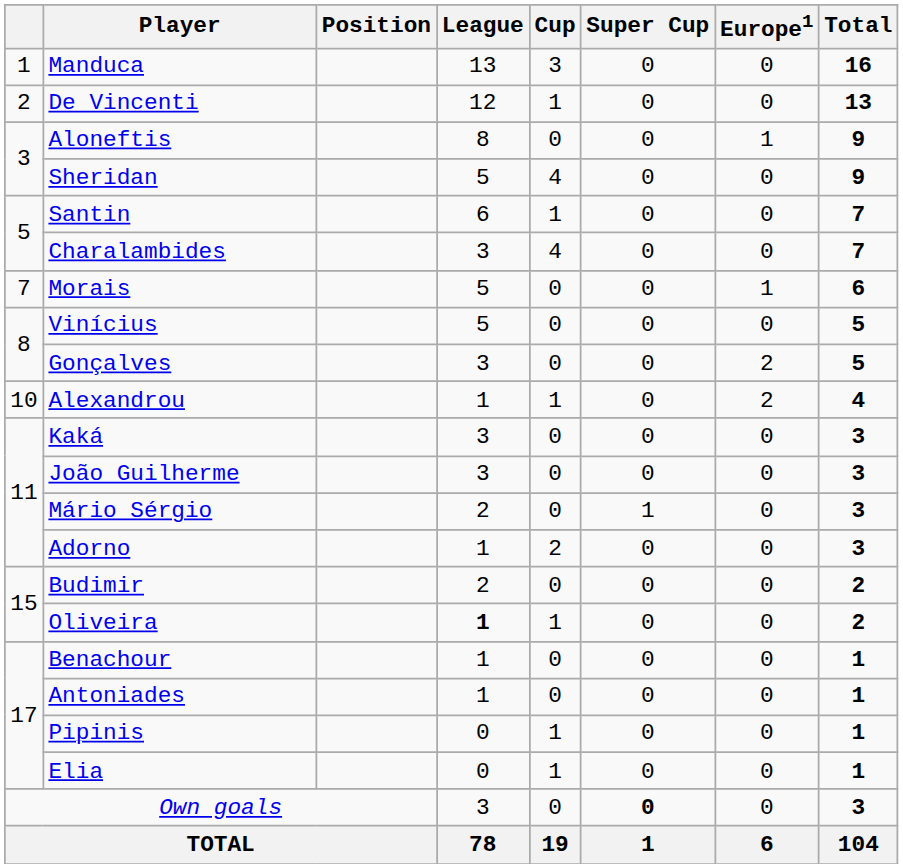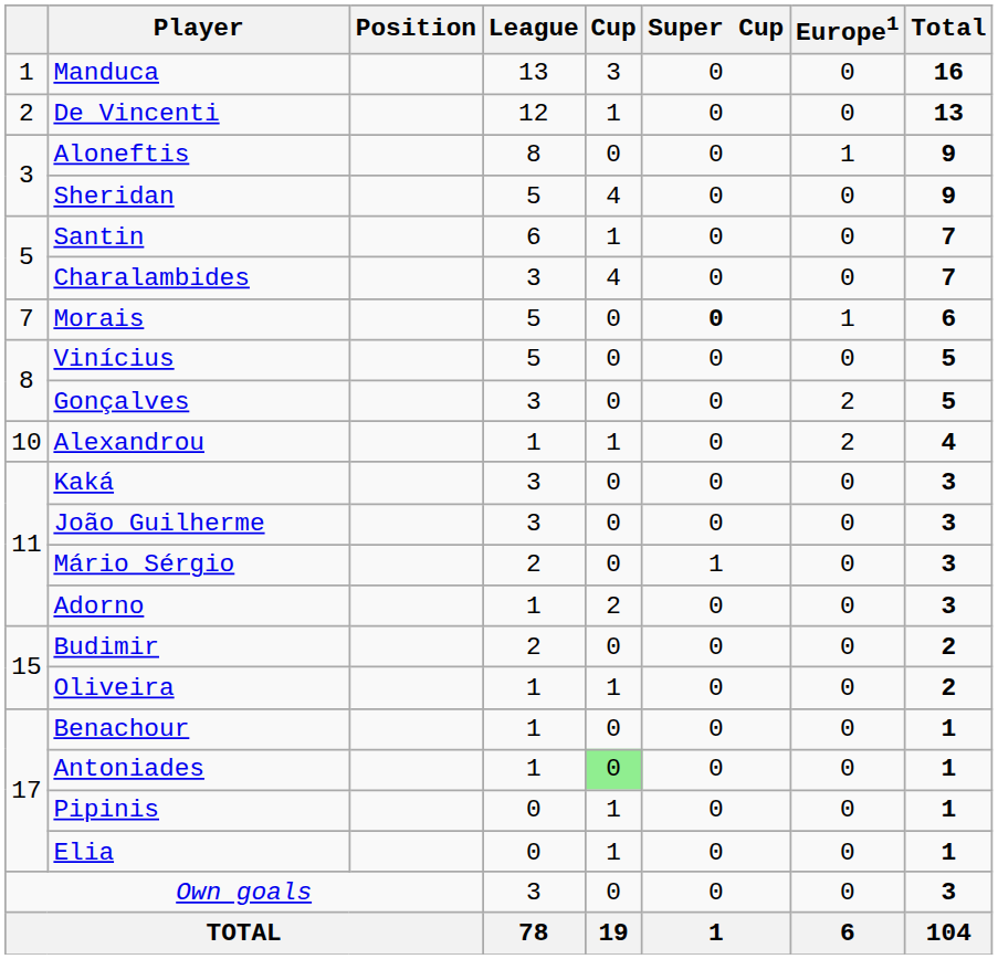 <table class="wikitable">
 <tr>
 <th></th>
 <th width="150">Player</th>
 <th>Position</th>
 <th>League</th>
 <th>Cup</th>
 <th>Super Cup</th>
 <th>Europe<sup>1</sup></th>
 <th>Total</th>
 </tr>
 <tr>
 <td align=center>1</td>
 <td> <a href='#'>Manduca</a></td>
 <td align=center></td>
 <td align=center>13</td>
 <td align=center>3</td>
 <td align=center>0</td>
 <td align=center>0</td>
 <td align=center><strong>16</strong></td>
 </tr>
 <tr>
 <td align=center>2</td>
 <td> <a href='#'>De Vincenti</a></td>
 <td align=center></td>
 <td align=center>12</td>
 <td align=center>1</td>
 <td align=center>0</td>
 <td align=center>0</td>
 <td align=center><strong>13</strong></td>
 </tr>
 <tr>
 <td rowspan="2" align=center>3</td>
 <td> <a href='#'>Aloneftis</a></td>
 <td align=center></td>
 <td align=center>8</td>
 <td align=center>0</td>
 <td align=center>0</td>
 <td align=center>1</td>
 <td align=center><strong>9</strong></td>
 </tr>
 <tr>
 <td> <a href='#'>Sheridan</a></td>
 <td align=center></td>
 <td align=center>5</td>
 <td align=center>4</td>
 <td align=center>0</td>
 <td align=center>0</td>
 <td align=center><strong>9</strong></td>
 </tr>
 <tr>
 <td rowspan="2" align=center>5</td>
 <td> <a href='#'>Santin</a></td>
 <td align=center></td>
 <td align=center>6</td>
 <td align=center>1</td>
 <td align=center>0</td>
 <td align=center>0</td>
 <td align=center><strong>7</strong></td>
 </tr>
 <tr>
 <td> <a href='#'>Charalambides</a></td>
 <td align=center></td>
 <td align=center>3</td>
 <td align=center>4</td>
 <td align=center>0</td>
 <td align=center>0</td>
 <td align=center><strong>7</strong></td>
 </tr>
 <tr>
 <td align=center>7</td>
 <td> <a href='#'>Morais</a></td>
 <td align=center></td>
 <td align=center>5</td>
 <td align=center>0</td>
-<td align=center>0</td>
+<td align=center><strong>0</strong></td>
 <td align=center>1</td>
 <td align=center><strong>6</strong></td>
 </tr>
 <tr>
 <td rowspan="2" align=center>8</td>
 <td> <a href='#'>Vinícius</a></td>
 <td align=center></td>
 <td align=center>5</td>
 <td align=center>0</td>
 <td align=center>0</td>
 <td align=center>0</td>
 <td align=center><strong>5</strong></td>
 </tr>
 <tr>
 <td> <a href='#'>Gonçalves</a></td>
 <td align=center></td>
 <td align=center>3</td>
 <td align=center>0</td>
 <td align=center>0</td>
 <td align=center>2</td>
 <td align=center><strong>5</strong></td>
 </tr>
 <tr>
 <td align=center>10</td>
 <td> <a href='#'>Alexandrou</a></td>
 <td align=center></td>
 <td align=center>1</td>
 <td align=center>1</td>
 <td align=center>0</td>
 <td align=center>2</td>
 <td align=center><strong>4</strong></td>
 </tr>
 <tr>
 <td rowspan="4" align=center>11</td>
 <td> <a href='#'>Kaká</a></td>
 <td align=center></td>
 <td align=center>3</td>
 <td align=center>0</td>
 <td align=center>0</td>
 <td align=center>0</td>
 <td align=center><strong>3</strong></td>
 </tr>
 <tr>
 <td> <a href='#'>João Guilherme</a></td>
 <td align=center></td>
 <td align=center>3</td>
 <td align=center>0</td>
 <td align=center>0</td>
 <td align=center>0</td>
 <td align=center><strong>3</strong></td>
 </tr>
 <tr>
 <td> <a href='#'>Mário Sérgio</a></td>
 <td align=center></td>
 <td align=center>2</td>
 <td align=center>0</td>
 <td align=center>1</td>
 <td align=center>0</td>
 <td align=center><strong>3</strong></td>
 </tr>
 <tr>
 <td> <a href='#'>Adorno</a></td>
 <td align=center></td>
 <td align=center>1</td>
 <td align=center>2</td>
 <td align=center>0</td>
 <td align=center>0</td>
 <td align=center><strong>3</strong></td>
 </tr>
 <tr>
 <td rowspan="2" align=center>15</td>
 <td> <a href='#'>Budimir</a></td>
 <td align=center></td>
 <td align=center>2</td>
 <td align=center>0</td>
 <td align=center>0</td>
 <td align=center>0</td>
 <td align=center><strong>2</strong></td>
 </tr>
 <tr>
 <td> <a href='#'>Oliveira</a></td>
 <td align=center></td>
-<td align=center><strong>1</strong></td>
+<td align=center>1</td>
 <td align=center>1</td>
 <td align=center>0</td>
 <td align=center>0</td>
 <td align=center><strong>2</strong></td>
 </tr>
 <tr>
 <td rowspan="4" align=center>17</td>
 <td> <a href='#'>Benachour</a></td>
 <td align=center></td>
 <td align=center>1</td>
 <td align=center>0</td>
 <td align=center>0</td>
 <td align=center>0</td>
 <td align=center><strong>1</strong></td>
 </tr>
 <tr>
 <td> <a href='#'>Antoniades</a></td>
 <td align=center></td>
 <td align=center>1</td>
-<td align=center>0</td>
+<td align=center style="background: lightgreen;">0</td>
 <td align=center>0</td>
 <td align=center>0</td>
 <td align=center><strong>1</strong></td>
 </tr>
 <tr>
 <td> <a href='#'>Pipinis</a></td>
 <td align=center></td>
 <td align=center>0</td>
 <td align=center>1</td>
 <td align=center>0</td>
 <td align=center>0</td>
 <td align=center><strong>1</strong></td>
 </tr>
 <tr>
 <td> <a href='#'>Elia</a></td>
 <td align=center></td>
 <td align=center>0</td>
 <td align=center>1</td>
 <td align=center>0</td>
 <td align=center>0</td>
 <td align=center><strong>1</strong></td>
 </tr>
 <tr>
 <td colspan="3" align=center><em><a href='#'>Own goals</a></em></td>
 <td align=center>3</td>
 <td align=center>0</td>
-<td align=center><strong>0</strong></td>
+<td align=center>0</td>
 <td align=center>0</td>
 <td align=center><strong>3</strong></td>
 </tr>
 <tr>
 <th colspan="3" align=center>TOTAL</th>
 <th align=center>78</th>
 <th align=center>19</th>
 <th align=center>1</th>
 <th align=center>6</th>
 <th align=center>104</th>
 </tr>
 </table>
